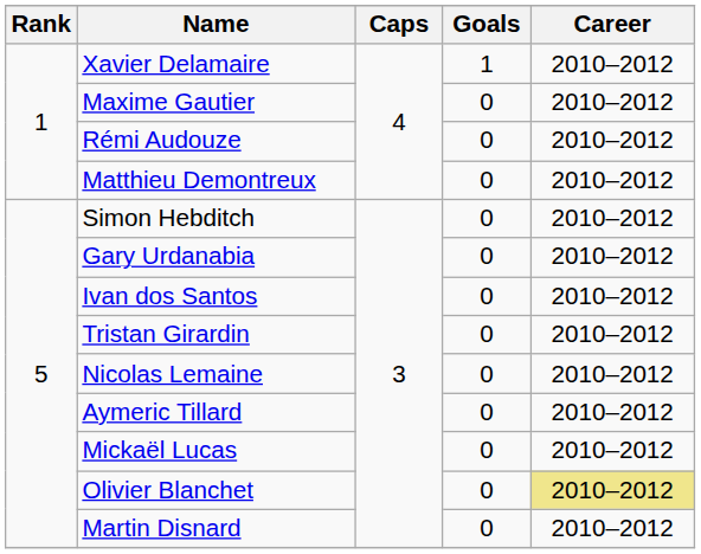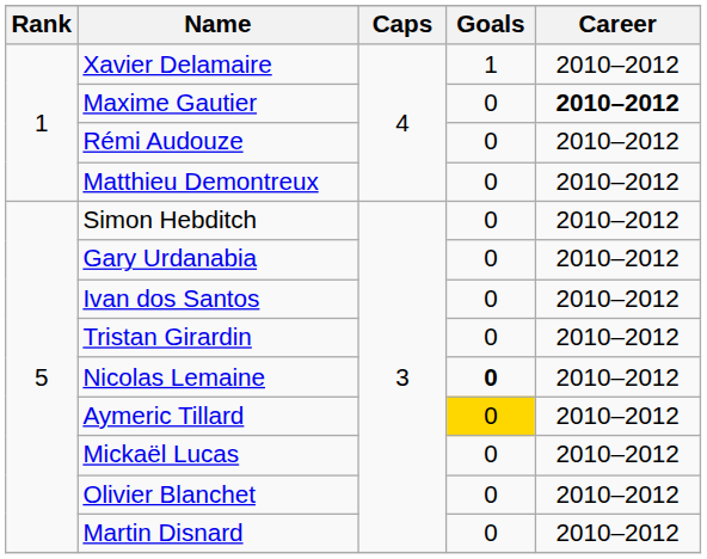 <table class="wikitable sortable" style="text-align: center;">
 <tr>
 </tr>
 <tr>
 <th width=30px>Rank</th>
 <th class="unsortable" style="width:175px;">Name</th>
 <th width=50px>Caps</th>
 <th width=50px>Goals</th>
 <th class="unsortable" style="width:100px;">Career</th>
 </tr>
 <tr>
 <td rowspan=4>1</td>
 <td align=left><a href='#'>Xavier Delamaire</a></td>
 <td rowspan=4>4</td>
 <td>1</td>
 <td>2010–2012</td>
 </tr>
 <tr>
 <td align=left><a href='#'>Maxime Gautier</a></td>
 <td>0</td>
-<td>2010–2012</td>
+<td><strong>2010–2012</strong></td>
 </tr>
 <tr>
 <td align=left><a href='#'>Rémi Audouze</a></td>
 <td>0</td>
 <td>2010–2012</td>
 </tr>
 <tr>
 <td align=left><a href='#'>Matthieu Demontreux</a></td>
 <td>0</td>
 <td>2010–2012</td>
 </tr>
 <tr>
 <td rowspan=9>5</td>
 <td align=left>Simon Hebditch</td>
 <td rowspan=9>3</td>
 <td>0</td>
 <td>2010–2012</td>
 </tr>
 <tr>
 <td align=left><a href='#'>Gary Urdanabia</a></td>
 <td>0</td>
 <td>2010–2012</td>
 </tr>
 <tr>
 <td align=left><a href='#'>Ivan dos Santos</a></td>
 <td>0</td>
 <td>2010–2012</td>
 </tr>
 <tr>
 <td align=left><a href='#'>Tristan Girardin</a></td>
 <td>0</td>
 <td>2010–2012</td>
 </tr>
 <tr>
 <td align=left><a href='#'>Nicolas Lemaine</a></td>
-<td>0</td>
+<td><strong>0</strong></td>
 <td>2010–2012</td>
 </tr>
 <tr>
 <td align=left><a href='#'>Aymeric Tillard</a></td>
-<td>0</td>
+<td style="background: gold;">0</td>
 <td>2010–2012</td>
 </tr>
 <tr>
 <td align=left><a href='#'>Mickaël Lucas</a></td>
 <td>0</td>
 <td>2010–2012</td>
 </tr>
 <tr>
 <td align=left><a href='#'>Olivier Blanchet</a></td>
 <td>0</td>
-<td style="background: khaki;">2010–2012</td>
+<td>2010–2012</td>
 </tr>
 <tr>
 <td align=left><a href='#'>Martin Disnard</a></td>
 <td>0</td>
 <td>2010–2012</td>
 </tr>
 <tr>
 </tr>
 </table>
